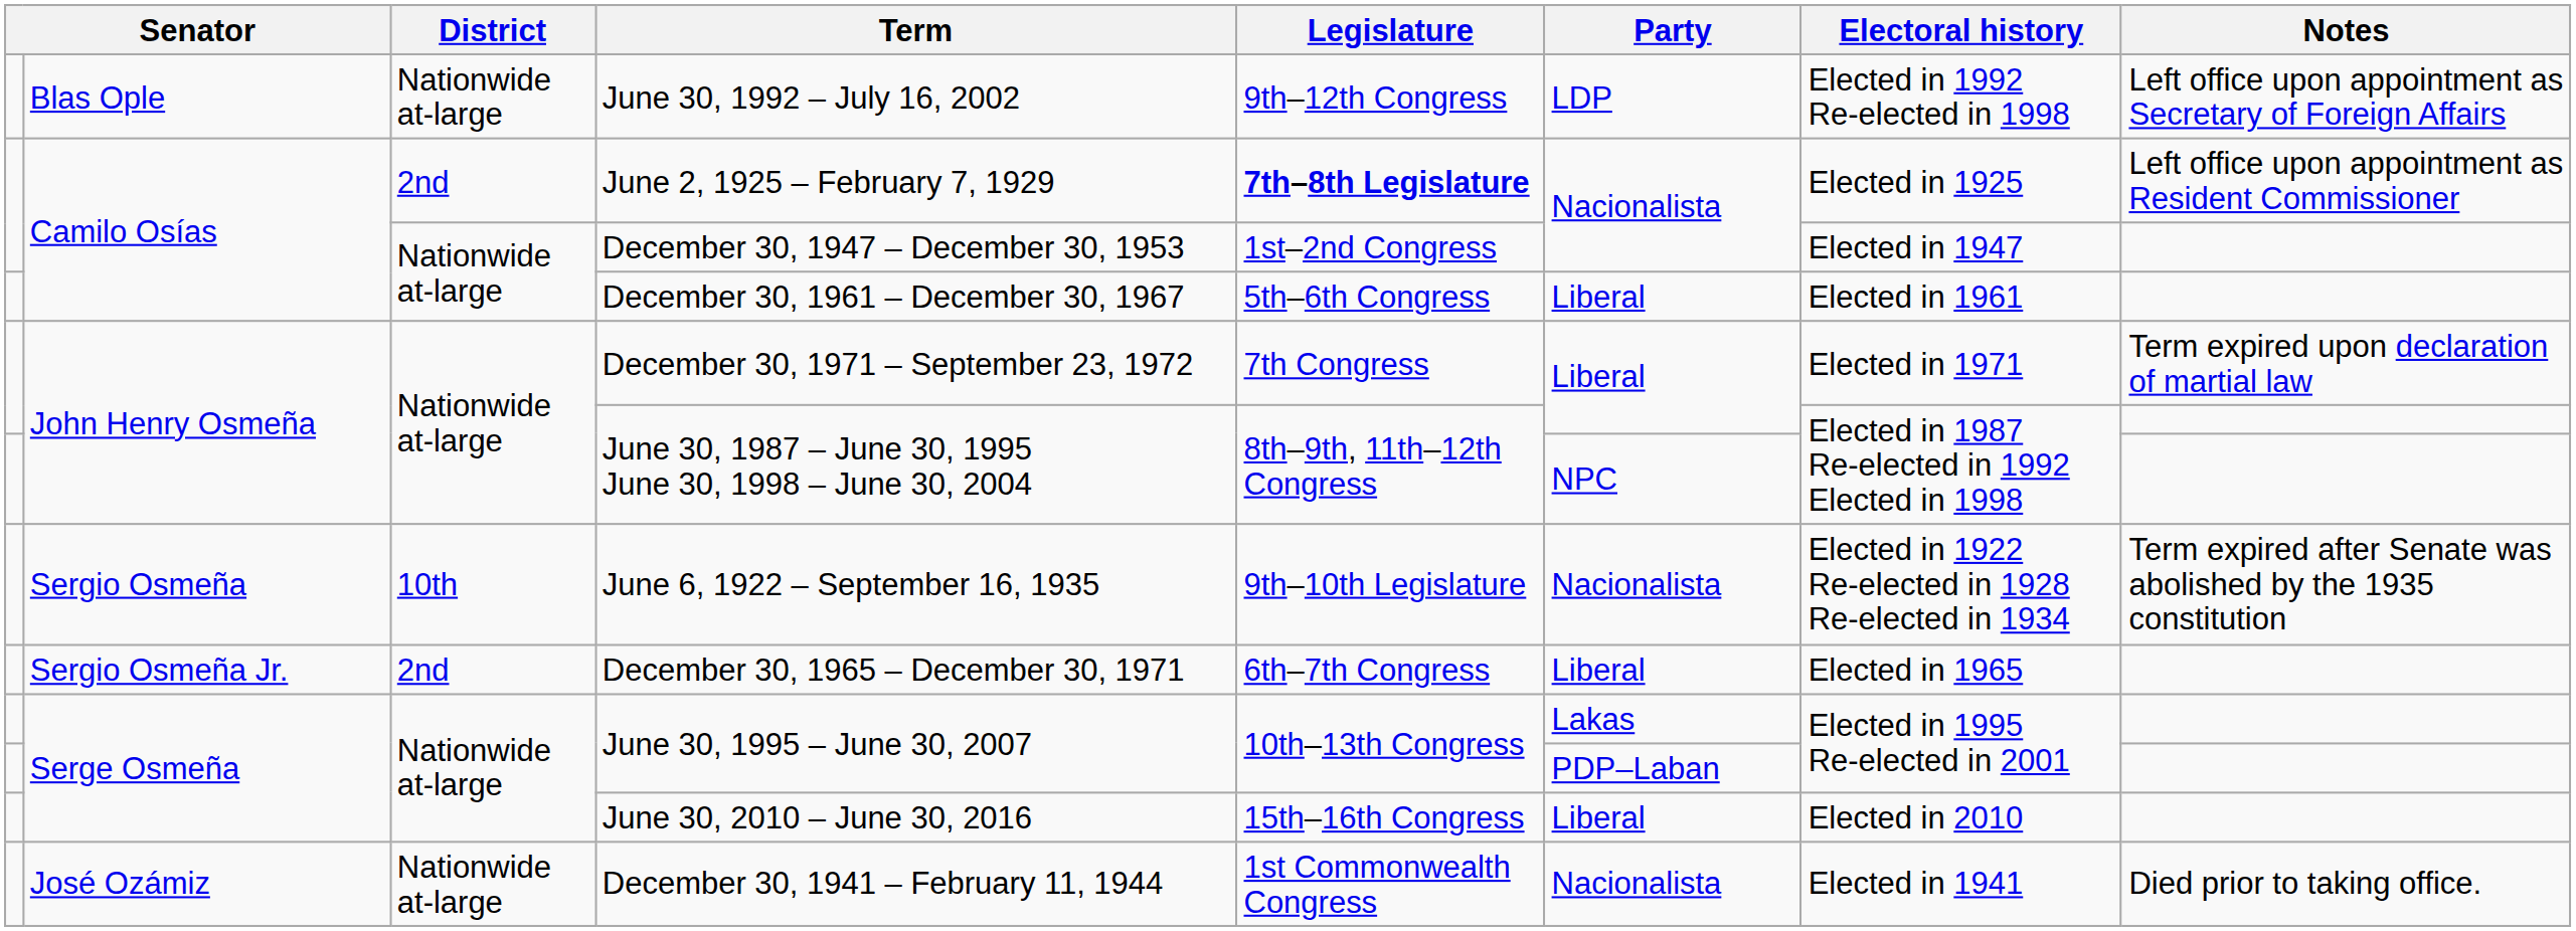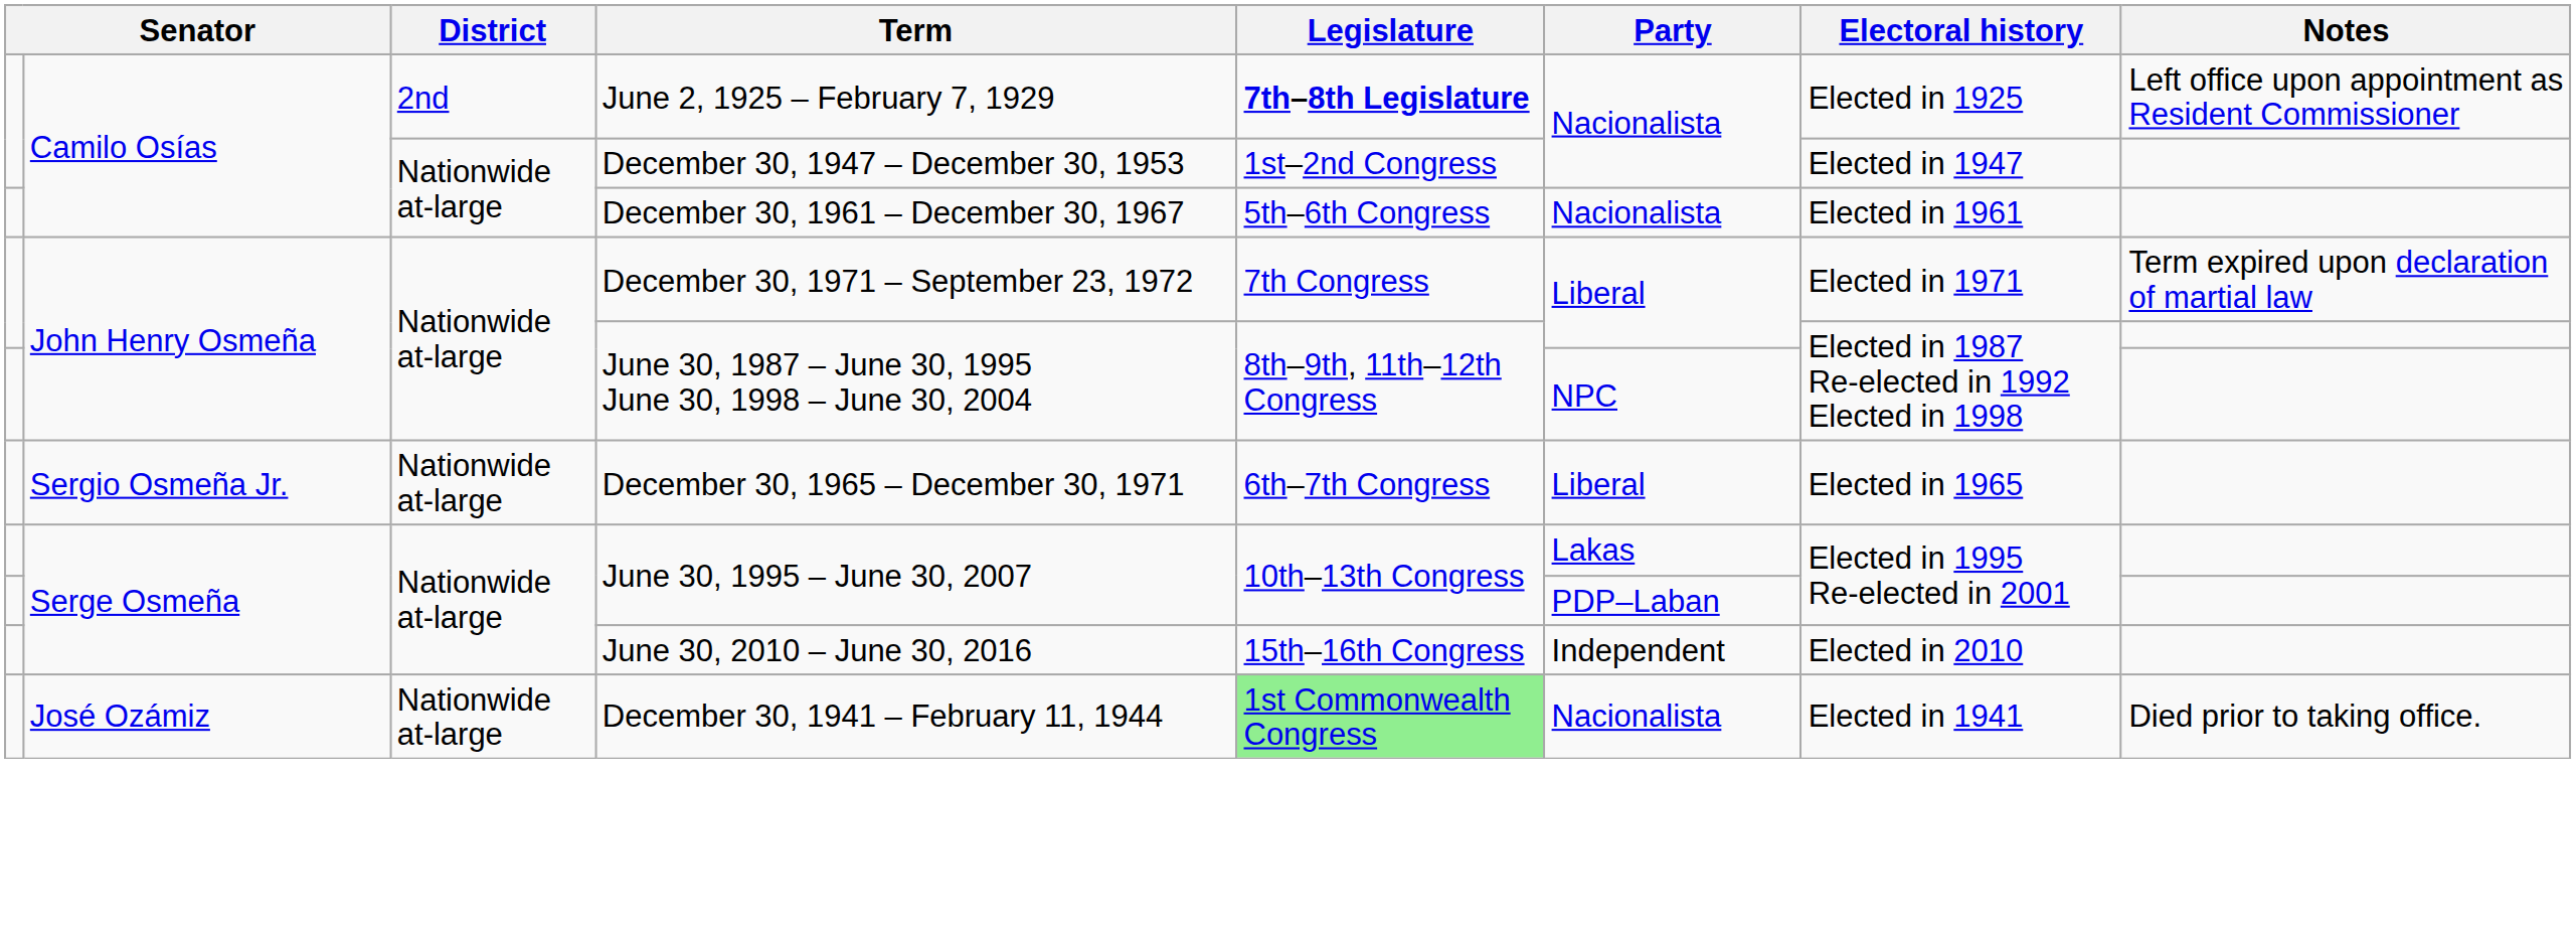 <table class="wikitable" style="font-size:95%" width=99%>
 <tr>
 <th colspan="2" width="15%">Senator</th>
 <th width="8%"><a href='#'>District</a></th>
 <th width="25%">Term</th>
 <th width="12%"><a href='#'>Legislature</a></th>
 <th width="10%"><a href='#'>Party</a></th>
 <th width="12.5%"><a href='#'>Electoral history</a></th>
 <th width="17.5%">Notes</th>
-</tr>
-<tr>
-<td style="background-color:"></td>
-<td><a href='#'>Blas Ople</a></td>
-<td>Nationwide at-large</td>
-<td>June 30, 1992 – July 16, 2002</td>
-<td><a href='#'>9th</a>–<a href='#'>12th Congress</a></td>
-<td><a href='#'>LDP</a></td>
-<td>Elected in <a href='#'>1992</a><br>Re-elected in <a href='#'>1998</a></td>
-<td>Left office upon appointment as <a href='#'>Secretary of Foreign Affairs</a></td>
 </tr>
 <tr>
 <td rowspan="2" style="background-color:"></td>
 <td rowspan="3"><a href='#'>Camilo Osías</a></td>
 <td><a href='#'>2nd</a></td>
 <td>June 2, 1925 – February 7, 1929</td>
 <td><strong><a href='#'>7th</a>–<a href='#'>8th Legislature</a></strong></td>
 <td rowspan="2"><a href='#'>Nacionalista</a></td>
 <td>Elected in <a href='#'>1925</a></td>
 <td>Left office upon appointment as <a href='#'>Resident Commissioner</a></td>
 </tr>
 <tr>
 <td rowspan="2">Nationwide at-large</td>
 <td>December 30, 1947 – December 30, 1953</td>
 <td><a href='#'>1st</a>–<a href='#'>2nd Congress</a></td>
 <td>Elected in <a href='#'>1947</a></td>
 <td></td>
 </tr>
 <tr>
 <td style="background-color:"></td>
 <td>December 30, 1961 – December 30, 1967</td>
 <td><a href='#'>5th</a>–<a href='#'>6th Congress</a></td>
-<td><a href='#'>Liberal</a></td>
+<td><a href='#'>Nacionalista</a></td>
 <td>Elected in <a href='#'>1961</a></td>
 <td></td>
 </tr>
 <tr>
 <td rowspan="2" style="background-color:"></td>
 <td rowspan="3"><a href='#'>John Henry Osmeña</a></td>
 <td rowspan="3">Nationwide at-large</td>
 <td>December 30, 1971 – September 23, 1972</td>
 <td><a href='#'>7th Congress</a></td>
 <td rowspan="2"><a href='#'>Liberal</a></td>
 <td>Elected in <a href='#'>1971</a></td>
 <td>Term expired upon <a href='#'>declaration of martial law</a></td>
 </tr>
 <tr>
 <td rowspan="2">June 30, 1987 – June 30, 1995<br>June 30, 1998 – June 30, 2004</td>
 <td rowspan="2"><a href='#'>8th</a>–<a href='#'>9th</a>, <a href='#'>11th</a>–<a href='#'>12th Congress</a></td>
 <td rowspan="2">Elected in <a href='#'>1987</a><br>Re-elected in <a href='#'>1992</a><br>Elected in <a href='#'>1998</a></td>
 <td></td>
 </tr>
 <tr>
 <td style="background-color:"></td>
 <td><a href='#'>NPC</a></td>
 <td></td>
 </tr>
 <tr>
 <td style="background-color:"></td>
-<td><a href='#'>Sergio Osmeña</a></td>
-<td><a href='#'>10th</a></td>
-<td>June 6, 1922 – September 16, 1935</td>
-<td><a href='#'>9th</a>–<a href='#'>10th Legislature</a></td>
-<td><a href='#'>Nacionalista</a></td>
-<td>Elected in <a href='#'>1922</a><br>Re-elected in <a href='#'>1928</a><br>Re-elected in <a href='#'>1934</a></td>
-<td>Term expired after Senate was abolished by the 1935 constitution</td>
-</tr>
-<tr>
-<td style="background-color:"></td>
 <td><a href='#'>Sergio Osmeña Jr.</a></td>
-<td><a href='#'>2nd</a></td>
+<td>Nationwide at-large</td>
 <td>December 30, 1965 – December 30, 1971</td>
 <td><a href='#'>6th</a>–<a href='#'>7th Congress</a></td>
 <td><a href='#'>Liberal</a></td>
 <td>Elected in <a href='#'>1965</a></td>
 <td></td>
 </tr>
 <tr>
 <td style="background-color:"></td>
 <td rowspan="3"><a href='#'>Serge Osmeña</a></td>
 <td rowspan="3">Nationwide at-large</td>
 <td rowspan="2">June 30, 1995 – June 30, 2007</td>
 <td rowspan="2"><a href='#'>10th</a>–<a href='#'>13th Congress</a></td>
 <td><a href='#'>Lakas</a></td>
 <td rowspan="2">Elected in <a href='#'>1995</a><br>Re-elected in <a href='#'>2001</a></td>
 <td></td>
 </tr>
 <tr>
 <td style="background-color:"></td>
 <td><a href='#'>PDP–Laban</a></td>
 <td></td>
 </tr>
 <tr>
 <td style="background-color:"></td>
 <td>June 30, 2010 – June 30, 2016</td>
 <td><a href='#'>15th</a>–<a href='#'>16th Congress</a></td>
-<td><a href='#'>Liberal</a></td>
+<td>Independent</td>
 <td>Elected in <a href='#'>2010</a></td>
 <td></td>
 </tr>
 <tr>
 <td style="background-color:"></td>
 <td><a href='#'>José Ozámiz</a></td>
 <td>Nationwide at-large</td>
 <td>December 30, 1941 – February 11, 1944</td>
-<td><a href='#'>1st Commonwealth Congress</a></td>
+<td style="background: lightgreen;"><a href='#'>1st Commonwealth Congress</a></td>
 <td><a href='#'>Nacionalista</a></td>
 <td>Elected in <a href='#'>1941</a></td>
 <td>Died prior to taking office.</td>
 </tr>
 </table>
